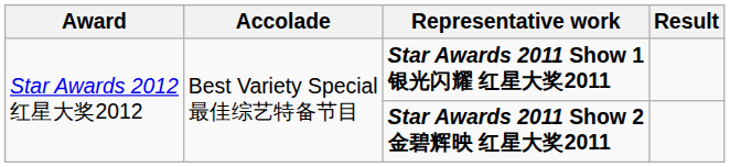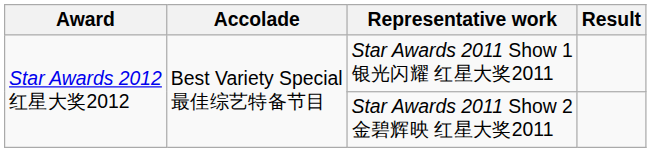 <table class="wikitable sortable">
 <tr>
 <th>Award</th>
 <th>Accolade</th>
 <th>Representative work</th>
 <th class="unsortable">Result</th>
 </tr>
 <tr>
 <td rowspan=2><em><a href='#'>Star Awards 2012</a></em><br>红星大奖2012</td>
 <td rowspan=2>Best Variety Special<br>最佳综艺特备节目</td>
-<td><strong><em>Star Awards 2011</em> Show 1<br> 银光闪耀 红星大奖2011</strong></td>
+<td><em>Star Awards 2011</em> Show 1<br> 银光闪耀 红星大奖2011</td>
 <td></td>
 </tr>
 <tr>
-<td><strong><em>Star Awards 2011</em> Show 2<br> 金碧辉映 红星大奖2011</strong></td>
+<td><em>Star Awards 2011</em> Show 2<br> 金碧辉映 红星大奖2011</td>
 <td></td>
 </tr>
 </table>
